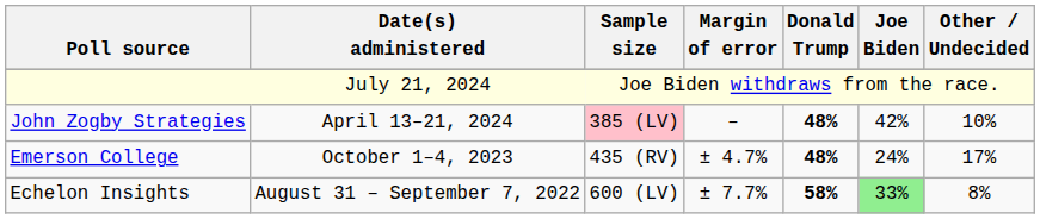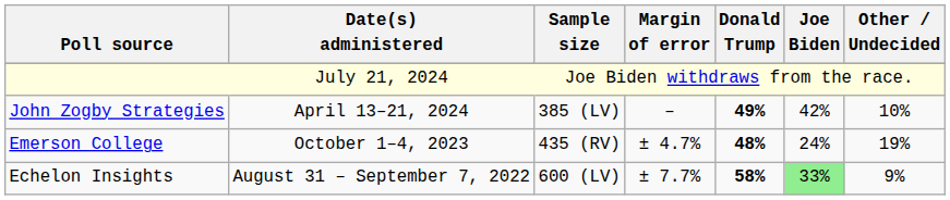 <table class="wikitable sortable mw-datatable" style="font-size:90%;text-align:center;line-height:17px">
 <tr valign=bottom>
 <th>Poll source</th>
 <th>Date(s)<br>administered</th>
 <th>Sample<br>size</th>
 <th>Margin<br>of error</th>
 <th class="unsortable">Donald<br>Trump<br></th>
 <th class="unsortable">Joe<br>Biden<br></th>
 <th class="unsortable">Other /<br>Undecided</th>
 </tr>
 <tr>
 </tr>
 <tr style="background:lightyellow;">
 <td style="border-right-style:hidden;"></td>
 <td style="border-right-style:hidden; " data-sort-value="2024-07-21">July 21, 2024</td>
 <td colspan="5">Joe Biden <a href='#'>withdraws</a> from the race.</td>
 </tr>
 <tr>
 <td style="text-align:left;"><a href='#'>John Zogby Strategies</a></td>
 <td data-sort-value="2024-05-01">April 13–21, 2024</td>
-<td style="background: pink;">385 (LV)</td>
+<td>385 (LV)</td>
 <td>–</td>
-<td style="background-color:"><strong>48%</strong></td>
+<td style="background-color:"><strong>49%</strong></td>
 <td>42%</td>
 <td>10%</td>
 </tr>
 <tr>
 <td style="text-align:left;"><a href='#'>Emerson College</a></td>
 <td data-sort-value="2023-10-15">October 1–4, 2023</td>
 <td>435 (RV)</td>
 <td>± 4.7%</td>
 <td style="background-color:"><strong>48%</strong></td>
 <td>24%</td>
-<td>17%</td>
+<td>19%</td>
 </tr>
 <tr>
 <td style="text-align:left;">Echelon Insights</td>
 <td data-sort-value="2022-09-07">August 31 – September 7, 2022</td>
 <td>600 (LV)</td>
 <td>± 7.7%</td>
 <td style="background-color:"><strong>58%</strong></td>
 <td style="background: lightgreen;">33%</td>
-<td>8%</td>
+<td>9%</td>
 </tr>
 </table>
